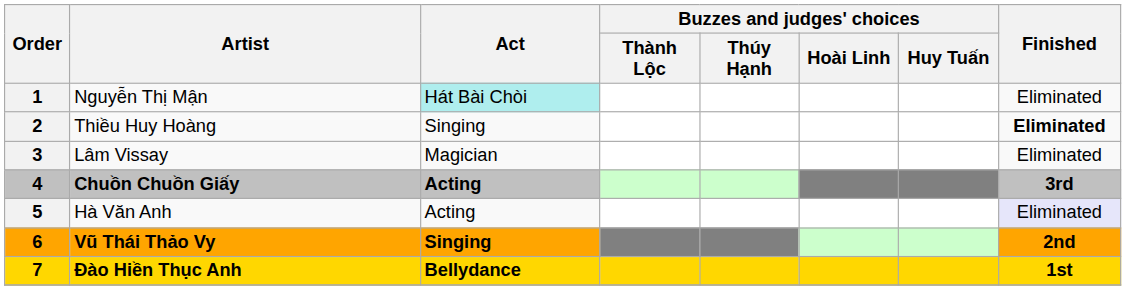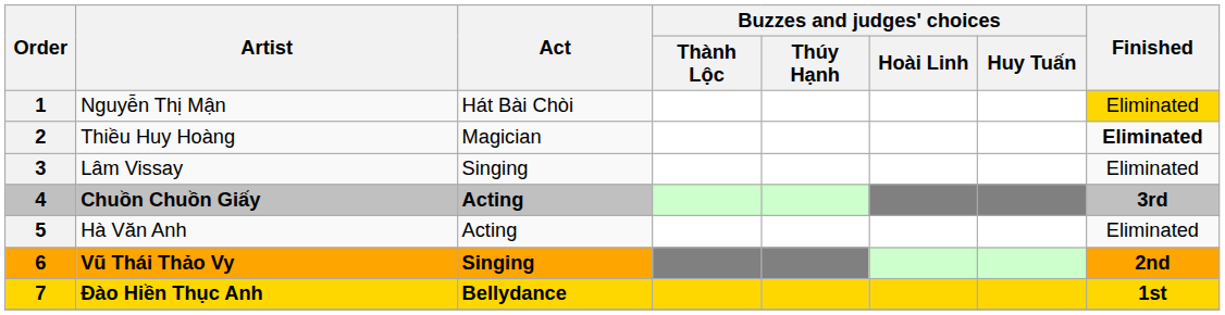 <table class=wikitable>
 <tr>
 <th rowspan=2 width=50>Order</th>
 <th rowspan=2 width=300>Artist</th>
 <th rowspan=2 width=150>Act</th>
 <th colspan=4 width=240>Buzzes and judges' choices</th>
 <th rowspan=2 width=100>Finished</th>
 </tr>
 <tr>
 <th width=80>Thành Lộc</th>
 <th width=80>Thúy Hạnh</th>
 <th width=80>Hoài Linh</th>
 <th width=80>Huy Tuấn</th>
 </tr>
 <tr>
 <th>1</th>
 <td>Nguyễn Thị Mận</td>
-<td style="background: paleturquoise;">Hát Bài Chòi</td>
+<td>Hát Bài Chòi</td>
 <td align=center bgcolor=white></td>
 <td align=center bgcolor=white></td>
 <td align=center bgcolor=white></td>
 <td align=center bgcolor=white></td>
-<td align=center>Eliminated</td>
+<td align=center style="background: gold;">Eliminated</td>
 </tr>
 <tr>
 <th>2</th>
 <td>Thiều Huy Hoàng</td>
-<td>Singing</td>
+<td>Magician</td>
 <td align=center bgcolor=white></td>
 <td align=center bgcolor=white></td>
 <td align=center bgcolor=white></td>
 <td align=center bgcolor=white></td>
 <td align=center><strong>Eliminated</strong></td>
 </tr>
 <tr>
 <th>3</th>
 <td>Lâm Vissay</td>
-<td>Magician</td>
+<td>Singing</td>
 <td align=center bgcolor=white></td>
 <td align=center bgcolor=white></td>
 <td align=center bgcolor=white></td>
 <td align=center bgcolor=white></td>
 <td align=center>Eliminated</td>
 </tr>
 <tr>
 <td align=center bgcolor=silver><strong>4</strong></td>
 <td bgcolor=silver><strong>Chuồn Chuồn Giấy</strong></td>
 <td bgcolor=silver><strong>Acting</strong></td>
 <td align=center bgcolor="#cfc"></td>
 <td align=center bgcolor="#cfc"></td>
 <td align=center bgcolor=gray></td>
 <td align=center bgcolor=gray></td>
 <td align=center bgcolor=silver><strong>3rd</strong></td>
 </tr>
 <tr>
 <th>5</th>
 <td>Hà Văn Anh</td>
 <td>Acting</td>
 <td align=center bgcolor=white></td>
 <td align=center bgcolor=white></td>
 <td align=center bgcolor=white></td>
 <td align=center bgcolor=white></td>
-<td align=center style="background: lavender;">Eliminated</td>
+<td align=center>Eliminated</td>
 </tr>
 <tr>
 <td align=center bgcolor=orange><strong>6</strong></td>
 <td bgcolor=orange><strong>Vũ Thái Thảo Vy</strong></td>
 <td bgcolor=orange><strong>Singing</strong></td>
 <td align=center bgcolor=gray></td>
 <td align=center bgcolor=gray></td>
 <td align=center bgcolor="#cfc"></td>
 <td align=center bgcolor="#cfc"></td>
 <td align=center bgcolor=orange><strong>2nd</strong></td>
 </tr>
 <tr>
 <td align=center bgcolor=gold><strong>7</strong></td>
 <td bgcolor=gold><strong>Đào Hiền Thục Anh</strong></td>
 <td bgcolor=gold><strong>Bellydance</strong></td>
 <td align=center bgcolor=gold></td>
 <td align=center bgcolor=gold></td>
 <td align=center bgcolor=gold></td>
 <td align=center bgcolor=gold></td>
 <td align=center bgcolor=gold><strong>1st</strong></td>
 </tr>
 <tr>
 </tr>
 </table>
